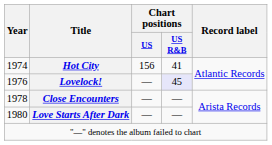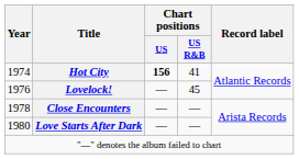 <table class="wikitable plainrowheaders" style="text-align:center;">
 <tr>
 <th scope="col" rowspan="2">Year</th>
 <th scope="col" rowspan="2">Title</th>
 <th scope="col" colspan="2">Chart positions</th>
 <th scope="col" rowspan="2">Record label</th>
 </tr>
 <tr style="font-size:smaller;">
 <th scope="col" width="40"><a href='#'>US</a><br></th>
 <th scope="col" width="40"><a href='#'>US<br>R&B</a><br></th>
 </tr>
 <tr>
 <td>1974</td>
 <th scope="row"><em><a href='#'>Hot City</a></em></th>
-<td>156</td>
+<td><strong>156</strong></td>
 <td>41</td>
 <td rowspan="2"><a href='#'>Atlantic Records</a></td>
 </tr>
 <tr>
 <td>1976</td>
 <th scope="row"><em><a href='#'>Lovelock!</a></em></th>
 <td>—</td>
-<td style="background: lavender;">45</td>
+<td>45</td>
 </tr>
 <tr>
 <td>1978</td>
 <th scope="row"><em><a href='#'>Close Encounters</a></em></th>
 <td>—</td>
 <td>—</td>
 <td rowspan="2"><a href='#'>Arista Records</a></td>
 </tr>
 <tr>
 <td>1980</td>
 <th scope="row"><em><a href='#'>Love Starts After Dark</a></em></th>
 <td>—</td>
 <td>—</td>
 </tr>
 <tr>
 <td align="center" colspan="7"><small>"—" denotes the album failed to chart</small></td>
 </tr>
 </table>
